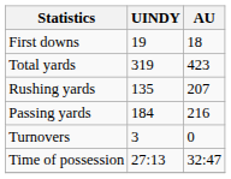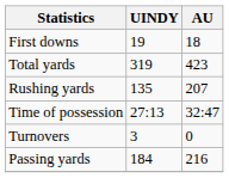 <table class="wikitable" style="float: left;">
 <tr>
 <th>Statistics</th>
 <th>UINDY</th>
 <th>AU</th>
 </tr>
 <tr>
 <td>First downs</td>
 <td>19</td>
 <td>18</td>
 </tr>
 <tr>
 <td>Total yards</td>
 <td>319</td>
 <td>423</td>
 </tr>
 <tr>
 <td>Rushing yards</td>
 <td>135</td>
 <td>207</td>
 </tr>
 <tr>
-<td>Passing yards</td>
-<td>184</td>
-<td>216</td>
+<td>Time of possession</td>
+<td>27:13</td>
+<td>32:47</td>
 </tr>
 <tr>
 <td>Turnovers</td>
 <td>3</td>
 <td>0</td>
 </tr>
 <tr>
-<td>Time of possession</td>
-<td>27:13</td>
-<td>32:47</td>
+<td>Passing yards</td>
+<td>184</td>
+<td>216</td>
 </tr>
 <tr>
 </tr>
 </table>
